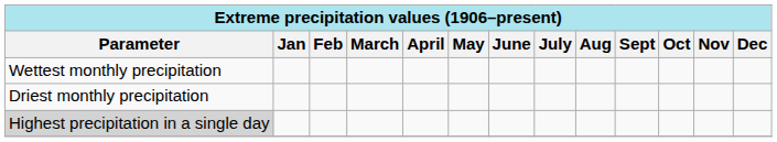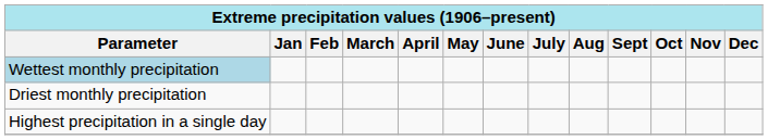 <table class="wikitable">
 <tr>
 <td colspan="14" style="background: #ACE5EE; text-align:center;"><strong>Extreme precipitation values (1906–present)</strong></td>
 </tr>
 <tr>
 <th>Parameter</th>
 <th>Jan</th>
 <th>Feb</th>
 <th>March</th>
 <th>April</th>
 <th>May</th>
 <th>June</th>
 <th>July</th>
 <th>Aug</th>
 <th>Sept</th>
 <th>Oct</th>
 <th>Nov</th>
 <th>Dec</th>
 </tr>
 <tr>
-<td>Wettest monthly precipitation</td>
+<td style="background: lightblue;">Wettest monthly precipitation</td>
 <td></td>
 <td></td>
 <td></td>
 <td></td>
 <td></td>
 <td></td>
 <td></td>
 <td></td>
 <td></td>
 <td></td>
 <td></td>
 <td></td>
 </tr>
 <tr>
 <td>Driest monthly precipitation</td>
 <td></td>
 <td></td>
 <td></td>
 <td></td>
 <td></td>
 <td></td>
 <td></td>
 <td></td>
 <td></td>
 <td></td>
 <td></td>
 <td></td>
 </tr>
 <tr>
-<td style="background: lightgrey;">Highest precipitation in a single day</td>
+<td>Highest precipitation in a single day</td>
 <td></td>
 <td></td>
 <td></td>
 <td></td>
 <td></td>
 <td></td>
 <td></td>
 <td></td>
 <td></td>
 <td></td>
 <td></td>
 <td></td>
 </tr>
 <tr>
 </tr>
 </table>
